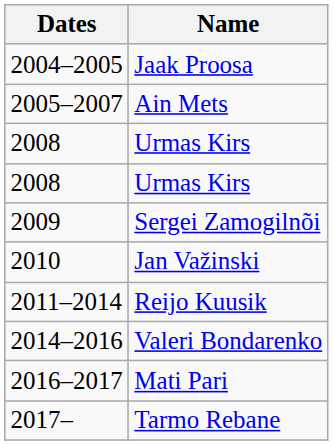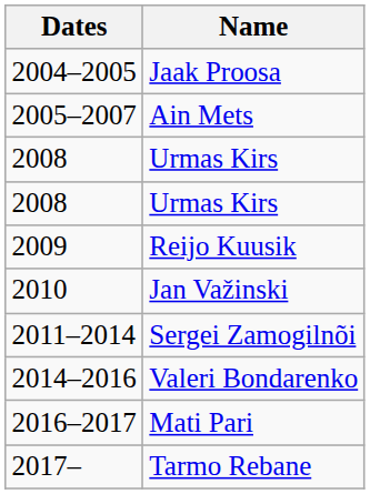 <table class="wikitable">
 <tr>
 <th>Dates</th>
 <th>Name</th>
 </tr>
 <tr>
 <td>2004–2005</td>
 <td> <a href='#'>Jaak Proosa</a></td>
 </tr>
 <tr>
 <td>2005–2007</td>
 <td> <a href='#'>Ain Mets</a></td>
 </tr>
 <tr>
 <td>2008</td>
 <td> <a href='#'>Urmas Kirs</a></td>
 </tr>
 <tr>
 <td>2008</td>
 <td> <a href='#'>Urmas Kirs</a></td>
 </tr>
 <tr>
 <td>2009</td>
-<td> <a href='#'>Sergei Zamogilnõi</a></td>
+<td> <a href='#'>Reijo Kuusik</a></td>
 </tr>
 <tr>
 <td>2010</td>
 <td> <a href='#'>Jan Važinski</a></td>
 </tr>
 <tr>
 <td>2011–2014</td>
-<td> <a href='#'>Reijo Kuusik</a></td>
+<td> <a href='#'>Sergei Zamogilnõi</a></td>
 </tr>
 <tr>
 <td>2014–2016</td>
 <td> <a href='#'>Valeri Bondarenko</a></td>
 </tr>
 <tr>
 <td>2016–2017</td>
 <td> <a href='#'>Mati Pari</a></td>
 </tr>
 <tr>
 <td>2017–</td>
 <td> <a href='#'>Tarmo Rebane</a></td>
 </tr>
 </table>
